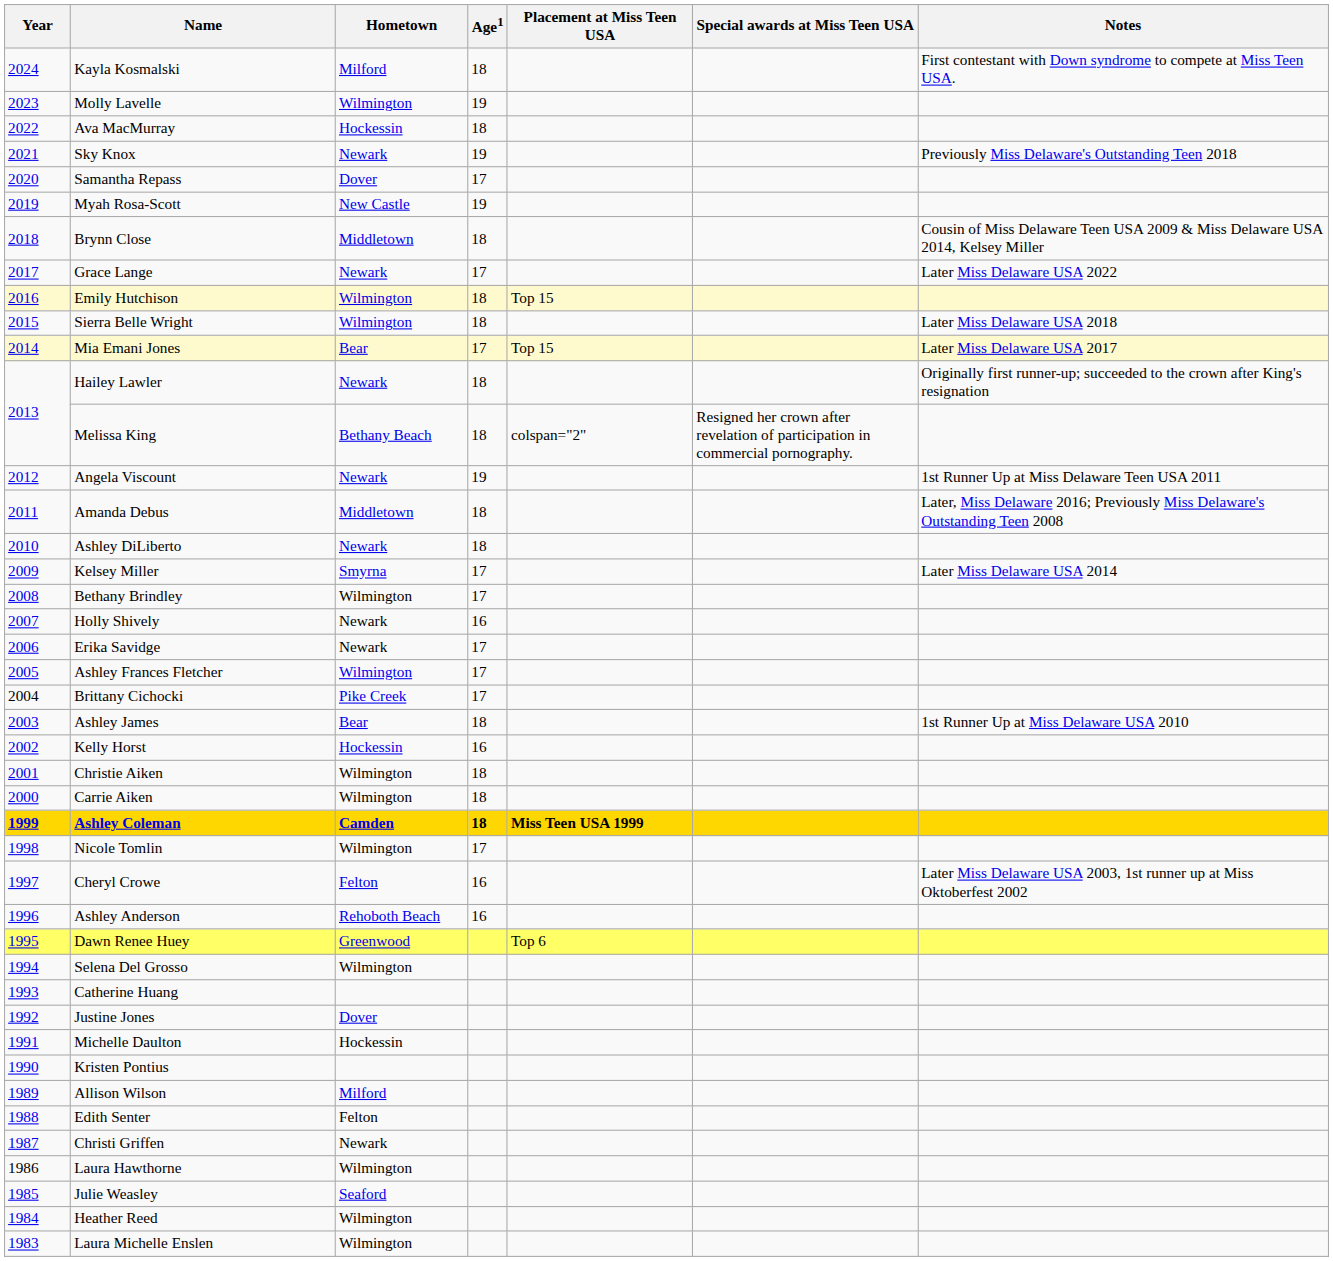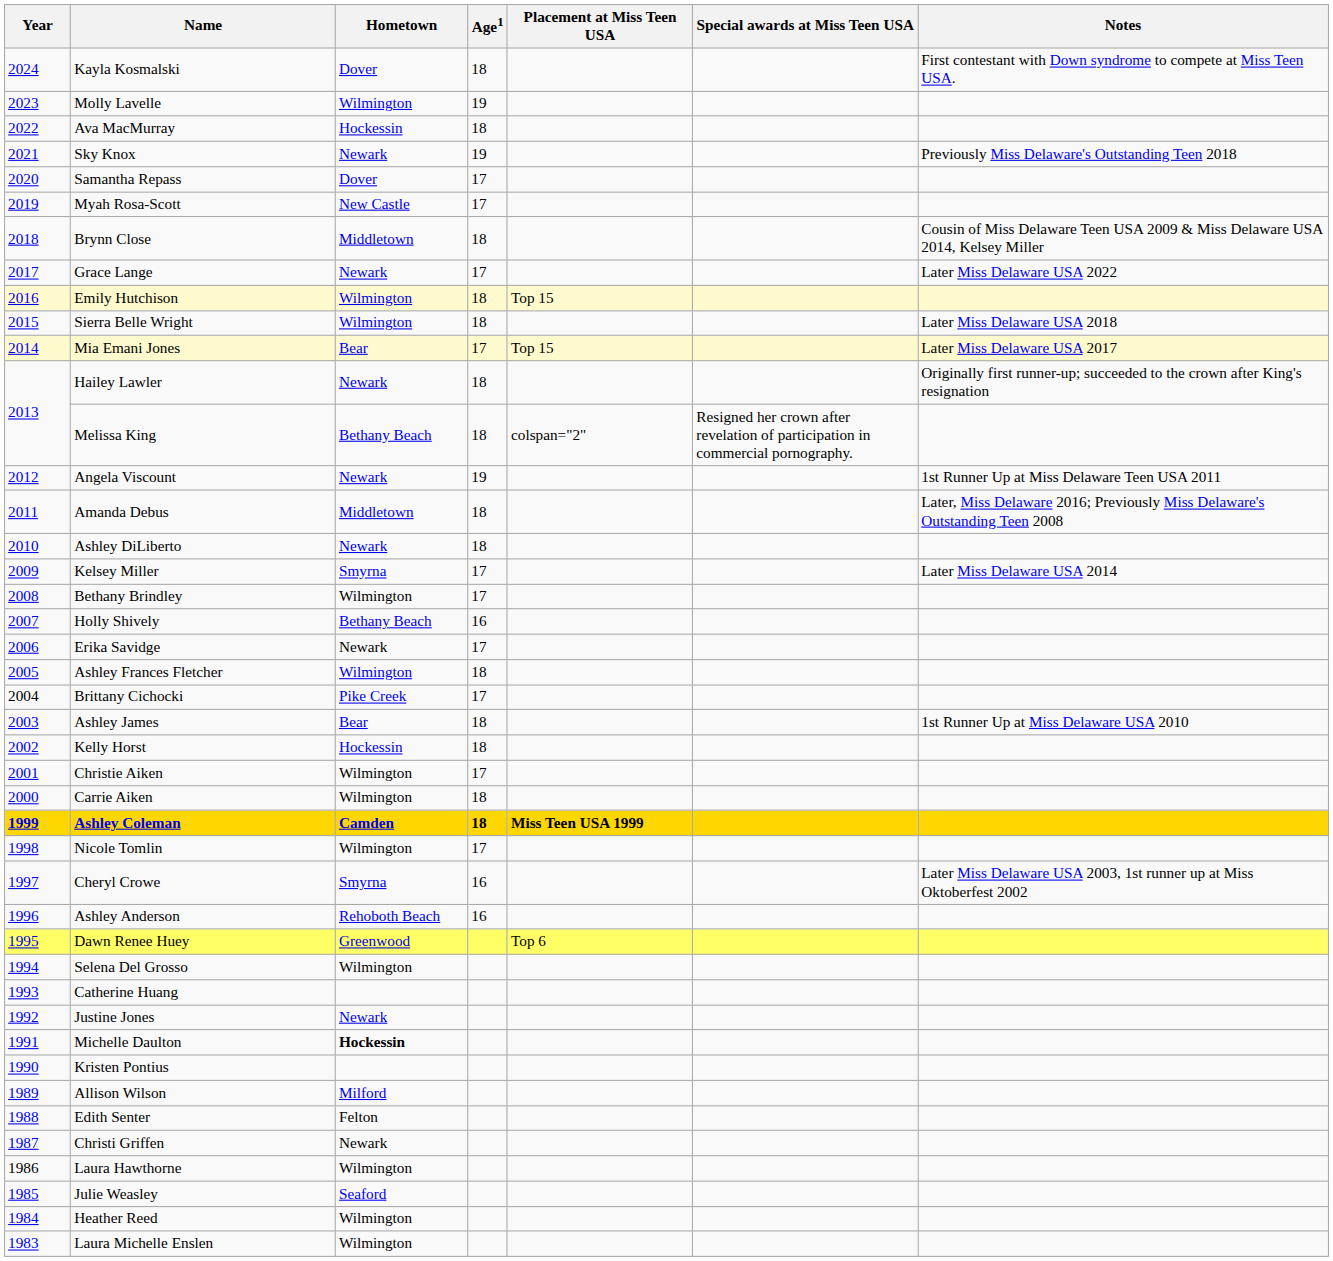 <table class="wikitable"style="font-size:90%;">
 <tr bgcolor="#efefef">
 <th width=5%>Year</th>
 <th width=20%>Name</th>
 <th width=10%>Hometown</th>
 <th width=3%>Age<sup>1</sup></th>
 <th width=14%>Placement at Miss Teen USA</th>
 <th width=17%>Special awards at Miss Teen  USA</th>
 <th width=31%>Notes</th>
 </tr>
 <tr>
 <td><a href='#'>2024</a></td>
 <td>Kayla Kosmalski</td>
-<td><a href='#'>Milford</a></td>
+<td><a href='#'>Dover</a></td>
 <td>18</td>
 <td></td>
 <td></td>
 <td>First contestant with <a href='#'>Down syndrome</a> to compete at <a href='#'>Miss Teen USA</a>.</td>
 </tr>
 <tr>
 <td><a href='#'>2023</a></td>
 <td>Molly Lavelle</td>
 <td><a href='#'>Wilmington</a></td>
 <td>19</td>
 <td></td>
 <td></td>
 <td></td>
 </tr>
 <tr>
 <td><a href='#'>2022</a></td>
 <td>Ava MacMurray</td>
 <td><a href='#'>Hockessin</a></td>
 <td>18</td>
 <td></td>
 <td></td>
 <td></td>
 </tr>
 <tr>
 <td><a href='#'>2021</a></td>
 <td>Sky Knox</td>
 <td><a href='#'>Newark</a></td>
 <td>19</td>
 <td></td>
 <td></td>
 <td>Previously <a href='#'>Miss Delaware's Outstanding Teen</a> 2018</td>
 </tr>
 <tr>
 <td><a href='#'>2020</a></td>
 <td>Samantha Repass</td>
 <td><a href='#'>Dover</a></td>
 <td>17</td>
 <td></td>
 <td></td>
 <td></td>
 </tr>
 <tr>
 <td><a href='#'>2019</a></td>
 <td>Myah Rosa-Scott</td>
 <td><a href='#'>New Castle</a></td>
-<td>19</td>
+<td>17</td>
 <td></td>
 <td></td>
 <td></td>
 </tr>
 <tr>
 <td><a href='#'>2018</a></td>
 <td>Brynn Close</td>
 <td><a href='#'>Middletown</a></td>
 <td>18</td>
 <td></td>
 <td></td>
 <td>Cousin of Miss Delaware Teen USA 2009 & Miss Delaware USA 2014, Kelsey Miller</td>
 </tr>
 <tr>
 <td><a href='#'>2017</a></td>
 <td>Grace Lange</td>
 <td><a href='#'>Newark</a></td>
 <td>17</td>
 <td></td>
 <td></td>
 <td>Later <a href='#'>Miss Delaware USA</a> 2022</td>
 </tr>
 <tr style="background-color:#FFFACD;">
 <td><a href='#'>2016</a></td>
 <td>Emily Hutchison</td>
 <td><a href='#'>Wilmington</a></td>
 <td>18</td>
 <td>Top 15</td>
 <td></td>
 <td></td>
 </tr>
 <tr>
 <td><a href='#'>2015</a></td>
 <td>Sierra Belle Wright</td>
 <td><a href='#'>Wilmington</a></td>
 <td>18</td>
 <td></td>
 <td></td>
 <td>Later <a href='#'>Miss Delaware USA</a> 2018</td>
 </tr>
 <tr style="background-color:#FFFACD;">
 <td><a href='#'>2014</a></td>
 <td>Mia Emani Jones</td>
 <td><a href='#'>Bear</a></td>
 <td>17</td>
 <td>Top 15</td>
 <td></td>
 <td>Later <a href='#'>Miss Delaware USA</a> 2017</td>
 </tr>
 <tr>
 <td rowspan=2><a href='#'>2013</a></td>
 <td>Hailey Lawler</td>
 <td><a href='#'>Newark</a></td>
 <td>18</td>
 <td></td>
 <td></td>
 <td>Originally first runner-up; succeeded to the crown after King's resignation</td>
 </tr>
 <tr>
 <td>Melissa King</td>
 <td><a href='#'>Bethany Beach</a></td>
 <td>18</td>
 <td>colspan="2" </td>
 <td>Resigned her crown after revelation of participation in commercial pornography.</td>
 </tr>
 <tr>
 <td><a href='#'>2012</a></td>
 <td>Angela Viscount</td>
 <td><a href='#'>Newark</a></td>
 <td>19</td>
 <td></td>
 <td></td>
 <td>1st Runner Up at Miss Delaware Teen USA 2011</td>
 </tr>
 <tr>
 <td><a href='#'>2011</a></td>
 <td>Amanda Debus</td>
 <td><a href='#'>Middletown</a></td>
 <td>18</td>
 <td></td>
 <td></td>
 <td>Later, <a href='#'>Miss Delaware</a> 2016; Previously <a href='#'>Miss Delaware's Outstanding Teen</a> 2008</td>
 </tr>
 <tr>
 <td><a href='#'>2010</a></td>
 <td>Ashley DiLiberto</td>
 <td><a href='#'>Newark</a></td>
 <td>18</td>
 <td></td>
 <td></td>
 <td></td>
 </tr>
 <tr>
 <td><a href='#'>2009</a></td>
 <td>Kelsey Miller</td>
 <td><a href='#'>Smyrna</a></td>
 <td>17</td>
 <td></td>
 <td></td>
 <td>Later <a href='#'>Miss Delaware USA</a> 2014</td>
 </tr>
 <tr>
 <td><a href='#'>2008</a></td>
 <td>Bethany Brindley</td>
 <td>Wilmington</td>
 <td>17</td>
 <td></td>
 <td></td>
 <td></td>
 </tr>
 <tr>
 <td><a href='#'>2007</a></td>
 <td>Holly Shively</td>
-<td>Newark</td>
+<td><a href='#'>Bethany Beach</a></td>
 <td>16</td>
 <td></td>
 <td></td>
 <td></td>
 </tr>
 <tr>
 <td><a href='#'>2006</a></td>
 <td>Erika Savidge</td>
 <td>Newark</td>
 <td>17</td>
 <td></td>
 <td></td>
 <td></td>
 </tr>
 <tr>
 <td><a href='#'>2005</a></td>
 <td>Ashley Frances Fletcher</td>
 <td><a href='#'>Wilmington</a></td>
-<td>17</td>
+<td>18</td>
 <td></td>
 <td></td>
 <td></td>
 </tr>
 <tr>
 <td>2004</td>
 <td>Brittany Cichocki</td>
 <td><a href='#'>Pike Creek</a></td>
 <td>17</td>
 <td></td>
 <td></td>
 <td></td>
 </tr>
 <tr>
 <td><a href='#'>2003</a></td>
 <td>Ashley James</td>
 <td><a href='#'>Bear</a></td>
 <td>18</td>
 <td></td>
 <td></td>
 <td>1st Runner Up at <a href='#'>Miss Delaware USA</a> 2010</td>
 </tr>
 <tr>
 <td><a href='#'>2002</a></td>
 <td>Kelly Horst</td>
 <td><a href='#'>Hockessin</a></td>
-<td>16</td>
+<td>18</td>
 <td></td>
 <td></td>
 <td></td>
 </tr>
 <tr>
 <td><a href='#'>2001</a></td>
 <td>Christie Aiken</td>
 <td>Wilmington</td>
-<td>18</td>
+<td>17</td>
 <td></td>
 <td></td>
 <td></td>
 </tr>
 <tr>
 <td><a href='#'>2000</a></td>
 <td>Carrie Aiken</td>
 <td>Wilmington</td>
 <td>18</td>
 <td></td>
 <td></td>
 <td></td>
 </tr>
 <tr style="background-color:gold;">
 <td><strong><a href='#'>1999</a></strong></td>
 <td><strong><a href='#'>Ashley Coleman</a></strong></td>
 <td><strong><a href='#'>Camden</a></strong></td>
 <td><strong>18</strong></td>
 <td><strong>Miss Teen USA 1999</strong></td>
 <td></td>
 <td></td>
 </tr>
 <tr>
 <td><a href='#'>1998</a></td>
 <td>Nicole Tomlin</td>
 <td>Wilmington</td>
 <td>17</td>
 <td></td>
 <td></td>
 <td></td>
 </tr>
 <tr>
 <td><a href='#'>1997</a></td>
 <td>Cheryl Crowe</td>
-<td><a href='#'>Felton</a></td>
+<td><a href='#'>Smyrna</a></td>
 <td>16</td>
 <td></td>
 <td></td>
 <td>Later <a href='#'>Miss Delaware USA</a> 2003, 1st runner up at Miss Oktoberfest 2002</td>
 </tr>
 <tr>
 <td><a href='#'>1996</a></td>
 <td>Ashley Anderson</td>
 <td><a href='#'>Rehoboth Beach</a></td>
 <td>16</td>
 <td></td>
 <td></td>
 <td></td>
 </tr>
 <tr style="background-color:#FFFF66;">
 <td><a href='#'>1995</a></td>
 <td>Dawn Renee Huey</td>
 <td><a href='#'>Greenwood</a></td>
 <td></td>
 <td>Top 6</td>
 <td></td>
 <td></td>
 </tr>
 <tr>
 <td><a href='#'>1994</a></td>
 <td>Selena Del Grosso</td>
 <td>Wilmington</td>
 <td></td>
 <td></td>
 <td></td>
 <td></td>
 </tr>
 <tr>
 <td><a href='#'>1993</a></td>
 <td>Catherine Huang</td>
 <td></td>
 <td></td>
 <td></td>
 <td></td>
 <td></td>
 </tr>
 <tr>
 <td><a href='#'>1992</a></td>
 <td>Justine Jones</td>
-<td><a href='#'>Dover</a></td>
+<td><a href='#'>Newark</a></td>
 <td></td>
 <td></td>
 <td></td>
 <td></td>
 </tr>
 <tr>
 <td><a href='#'>1991</a></td>
 <td>Michelle Daulton</td>
-<td>Hockessin</td>
+<td><strong>Hockessin</strong></td>
 <td></td>
 <td></td>
 <td></td>
 <td></td>
 </tr>
 <tr>
 <td><a href='#'>1990</a></td>
 <td>Kristen Pontius</td>
 <td></td>
 <td></td>
 <td></td>
 <td></td>
 <td></td>
 </tr>
 <tr>
 <td><a href='#'>1989</a></td>
 <td>Allison Wilson</td>
 <td><a href='#'>Milford</a></td>
 <td></td>
 <td></td>
 <td></td>
 <td></td>
 </tr>
 <tr>
 <td><a href='#'>1988</a></td>
 <td>Edith Senter</td>
 <td>Felton</td>
 <td></td>
 <td></td>
 <td></td>
 <td></td>
 </tr>
 <tr>
 <td><a href='#'>1987</a></td>
 <td>Christi Griffen</td>
 <td>Newark</td>
 <td></td>
 <td></td>
 <td></td>
 <td></td>
 </tr>
 <tr>
 <td>1986</td>
 <td>Laura Hawthorne</td>
 <td>Wilmington</td>
 <td></td>
 <td></td>
 <td></td>
 <td></td>
 </tr>
 <tr>
 <td><a href='#'>1985</a></td>
 <td>Julie Weasley</td>
 <td><a href='#'>Seaford</a></td>
 <td></td>
 <td></td>
 <td></td>
 <td></td>
 </tr>
 <tr>
 <td><a href='#'>1984</a></td>
 <td>Heather Reed</td>
 <td>Wilmington</td>
 <td></td>
 <td></td>
 <td></td>
 <td></td>
 </tr>
 <tr>
 <td><a href='#'>1983</a></td>
 <td>Laura Michelle Enslen</td>
 <td>Wilmington</td>
 <td></td>
 <td></td>
 <td></td>
 <td></td>
 </tr>
 </table>
